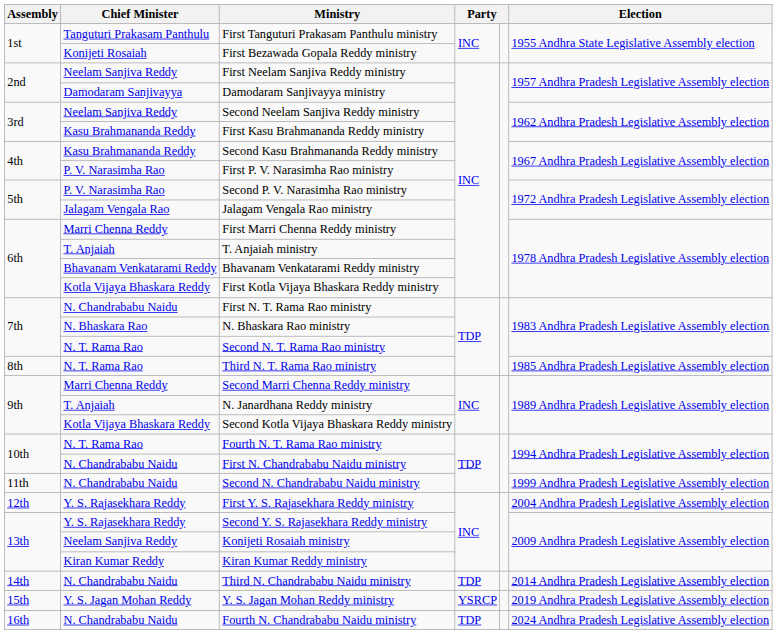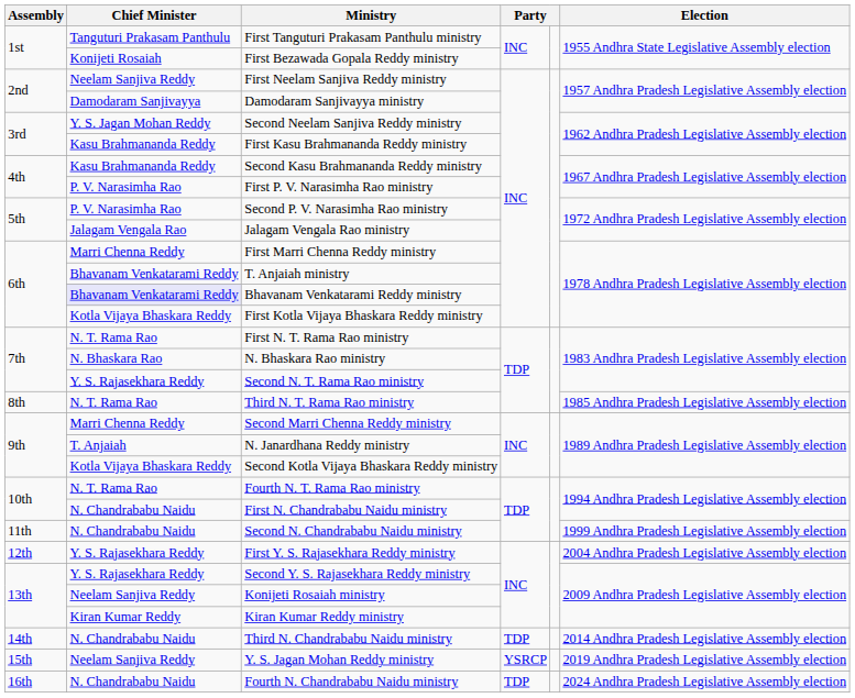 <table class="wikitable">
 <tr>
 <th>Assembly</th>
 <th>Chief Minister</th>
 <th>Ministry</th>
 <th colspan=2>Party</th>
 <th>Election</th>
 </tr>
 <tr>
 <td rowspan="2">1st</td>
 <td><a href='#'>Tanguturi Prakasam Panthulu</a></td>
 <td>First Tanguturi Prakasam Panthulu ministry</td>
 <td rowspan="2"><a href='#'>INC</a></td>
 <td rowspan="2" width="4px" style="background-color: "></td>
 <td rowspan="2"><a href='#'>1955 Andhra State Legislative Assembly election</a></td>
 </tr>
 <tr>
 <td><a href='#'>Konijeti Rosaiah</a></td>
 <td>First Bezawada Gopala Reddy ministry</td>
 </tr>
 <tr>
 <td rowspan="2">2nd</td>
 <td><a href='#'>Neelam Sanjiva Reddy</a></td>
 <td>First Neelam Sanjiva Reddy ministry</td>
 <td rowspan="12"><a href='#'>INC</a></td>
 <td rowspan="12" width="4px" style="background-color: "></td>
 <td rowspan="2"><a href='#'>1957 Andhra Pradesh Legislative Assembly election</a></td>
 </tr>
 <tr>
 <td><a href='#'>Damodaram Sanjivayya</a></td>
 <td>Damodaram Sanjivayya ministry</td>
 </tr>
 <tr>
 <td rowspan="2">3rd</td>
-<td><a href='#'>Neelam Sanjiva Reddy</a></td>
+<td><a href='#'>Y. S. Jagan Mohan Reddy</a></td>
 <td>Second Neelam Sanjiva Reddy ministry</td>
 <td rowspan="2"><a href='#'>1962 Andhra Pradesh Legislative Assembly election</a></td>
 </tr>
 <tr>
 <td><a href='#'>Kasu Brahmananda Reddy</a></td>
 <td>First Kasu Brahmananda Reddy ministry</td>
 </tr>
 <tr>
 <td rowspan="2">4th</td>
 <td><a href='#'>Kasu Brahmananda Reddy</a></td>
 <td>Second Kasu Brahmananda Reddy ministry</td>
 <td rowspan="2"><a href='#'>1967 Andhra Pradesh Legislative Assembly election</a></td>
 </tr>
 <tr>
 <td><a href='#'>P. V. Narasimha Rao</a></td>
 <td>First P. V. Narasimha Rao ministry</td>
 </tr>
 <tr>
 <td rowspan="2">5th</td>
 <td><a href='#'>P. V. Narasimha Rao</a></td>
 <td>Second P. V. Narasimha Rao ministry</td>
 <td rowspan="2"><a href='#'>1972 Andhra Pradesh Legislative Assembly election</a></td>
 </tr>
 <tr>
 <td><a href='#'>Jalagam Vengala Rao</a></td>
 <td>Jalagam Vengala Rao ministry</td>
 </tr>
 <tr>
 <td rowspan="4">6th</td>
 <td><a href='#'>Marri Chenna Reddy</a></td>
 <td>First Marri Chenna Reddy ministry</td>
 <td rowspan="4"><a href='#'>1978 Andhra Pradesh Legislative Assembly election</a></td>
 </tr>
 <tr>
-<td><a href='#'>T. Anjaiah</a></td>
+<td><a href='#'>Bhavanam Venkatarami Reddy</a></td>
 <td>T. Anjaiah ministry</td>
 </tr>
 <tr>
-<td><a href='#'>Bhavanam Venkatarami Reddy</a></td>
+<td style="background: lavender;"><a href='#'>Bhavanam Venkatarami Reddy</a></td>
 <td>Bhavanam Venkatarami Reddy ministry</td>
 </tr>
 <tr>
 <td><a href='#'>Kotla Vijaya Bhaskara Reddy</a></td>
 <td>First Kotla Vijaya Bhaskara Reddy ministry</td>
 </tr>
 <tr>
 <td rowspan="3">7th</td>
-<td><a href='#'>N. Chandrababu Naidu</a></td>
+<td><a href='#'>N. T. Rama Rao</a></td>
 <td>First N. T. Rama Rao ministry</td>
 <td rowspan="4"><a href='#'>TDP</a></td>
 <td rowspan=4 width="4px" style="background-color: "></td>
 <td rowspan="3"><a href='#'>1983 Andhra Pradesh Legislative Assembly election</a></td>
 </tr>
 <tr>
 <td><a href='#'>N. Bhaskara Rao</a></td>
 <td>N. Bhaskara Rao ministry</td>
 </tr>
 <tr>
-<td><a href='#'>N. T. Rama Rao</a></td>
+<td><a href='#'>Y. S. Rajasekhara Reddy</a></td>
 <td><a href='#'>Second N. T. Rama Rao ministry</a></td>
 </tr>
 <tr>
 <td>8th</td>
 <td><a href='#'>N. T. Rama Rao</a></td>
 <td><a href='#'>Third N. T. Rama Rao ministry</a></td>
 <td><a href='#'>1985 Andhra Pradesh Legislative Assembly election</a></td>
 </tr>
 <tr>
 <td rowspan="3">9th</td>
 <td><a href='#'>Marri Chenna Reddy</a></td>
 <td><a href='#'>Second Marri Chenna Reddy ministry</a></td>
 <td rowspan="3"><a href='#'>INC</a></td>
 <td rowspan=3 width="4px" style="background-color: "></td>
 <td rowspan="3"><a href='#'>1989 Andhra Pradesh Legislative Assembly election</a></td>
 </tr>
 <tr>
 <td><a href='#'>T. Anjaiah</a></td>
 <td>N. Janardhana Reddy ministry</td>
 </tr>
 <tr>
 <td><a href='#'>Kotla Vijaya Bhaskara Reddy</a></td>
 <td>Second Kotla Vijaya Bhaskara Reddy ministry</td>
 </tr>
 <tr>
 <td rowspan="2">10th</td>
 <td><a href='#'>N. T. Rama Rao</a></td>
 <td><a href='#'>Fourth N. T. Rama Rao ministry</a></td>
 <td rowspan="3"><a href='#'>TDP</a></td>
 <td rowspan=3 width="4px" style="background-color: "></td>
 <td rowspan="2"><a href='#'>1994 Andhra Pradesh Legislative Assembly election</a></td>
 </tr>
 <tr>
 <td><a href='#'>N. Chandrababu Naidu</a></td>
 <td><a href='#'>First N. Chandrababu Naidu ministry</a></td>
 </tr>
 <tr>
 <td>11th</td>
 <td><a href='#'>N. Chandrababu Naidu</a></td>
 <td><a href='#'>Second N. Chandrababu Naidu ministry</a></td>
 <td><a href='#'>1999 Andhra Pradesh Legislative Assembly election</a></td>
 </tr>
 <tr>
 <td><a href='#'>12th</a></td>
 <td><a href='#'>Y. S. Rajasekhara Reddy</a></td>
 <td><a href='#'>First Y. S. Rajasekhara Reddy ministry</a></td>
 <td rowspan="4"><a href='#'>INC</a></td>
 <td rowspan=4 width="4px" style="background-color: "></td>
 <td><a href='#'>2004 Andhra Pradesh Legislative Assembly election</a></td>
 </tr>
 <tr>
 <td rowspan="3"><a href='#'>13th</a></td>
 <td><a href='#'>Y. S. Rajasekhara Reddy</a></td>
 <td><a href='#'>Second Y. S. Rajasekhara Reddy ministry</a></td>
 <td rowspan="3"><a href='#'>2009 Andhra Pradesh Legislative Assembly election</a></td>
 </tr>
 <tr>
 <td><a href='#'>Neelam Sanjiva Reddy</a></td>
 <td><a href='#'>Konijeti Rosaiah ministry</a></td>
 </tr>
 <tr>
 <td><a href='#'>Kiran Kumar Reddy</a></td>
 <td><a href='#'>Kiran Kumar Reddy ministry</a></td>
 </tr>
 <tr>
 <td><a href='#'>14th</a></td>
 <td><a href='#'>N. Chandrababu Naidu</a></td>
 <td><a href='#'>Third N. Chandrababu Naidu ministry</a></td>
 <td><a href='#'>TDP</a></td>
 <td rowspan=1 width="4px" style="background-color: "></td>
 <td><a href='#'>2014 Andhra Pradesh Legislative Assembly election</a></td>
 </tr>
 <tr>
 <td><a href='#'>15th</a></td>
-<td><a href='#'>Y. S. Jagan Mohan Reddy</a></td>
+<td><a href='#'>Neelam Sanjiva Reddy</a></td>
 <td><a href='#'>Y. S. Jagan Mohan Reddy ministry</a></td>
 <td><a href='#'>YSRCP</a></td>
 <td rowspan=1 width="4px" style="background-color: "></td>
 <td><a href='#'>2019 Andhra Pradesh Legislative Assembly election</a></td>
 </tr>
 <tr>
 <td><a href='#'>16th</a></td>
 <td><a href='#'>N. Chandrababu Naidu</a></td>
 <td><a href='#'>Fourth N. Chandrababu Naidu ministry</a></td>
 <td><a href='#'>TDP</a></td>
 <td rowspan=1 width="4px" style="background-color: "></td>
 <td><a href='#'>2024 Andhra Pradesh Legislative Assembly election</a></td>
 </tr>
 </table>
